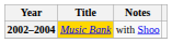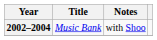 <table class="wikitable plainrowheaders sortable">
 <tr>
 <th scope="col">Year</th>
 <th scope="col">Title</th>
 <th scope="col" class="unsortable">Notes</th>
 <th scope="col" class="unsortable"></th>
 </tr>
 <tr>
 <th scope="row">2002–2004</th>
-<td style="background: gold;"><em><a href='#'>Music Bank</a></em></td>
+<td><em><a href='#'>Music Bank</a></em></td>
 <td>with <a href='#'>Shoo</a></td>
 <td></td>
 </tr>
 <tr>
 </tr>
 </table>
